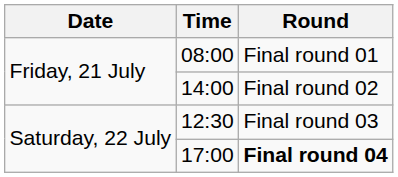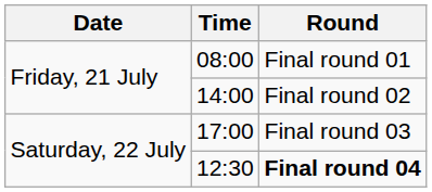 <table class="wikitable">
 <tr>
 <th>Date</th>
 <th>Time</th>
 <th>Round</th>
 </tr>
 <tr>
 <td rowspan=2>Friday, 21 July</td>
 <td>08:00</td>
 <td>Final round 01</td>
 </tr>
 <tr>
 <td>14:00</td>
 <td>Final round 02</td>
 </tr>
 <tr>
 <td rowspan=2>Saturday, 22 July</td>
-<td>12:30</td>
+<td>17:00</td>
 <td>Final round 03</td>
 </tr>
 <tr>
-<td>17:00</td>
+<td>12:30</td>
 <td><strong>Final round 04</strong></td>
 </tr>
 </table>
